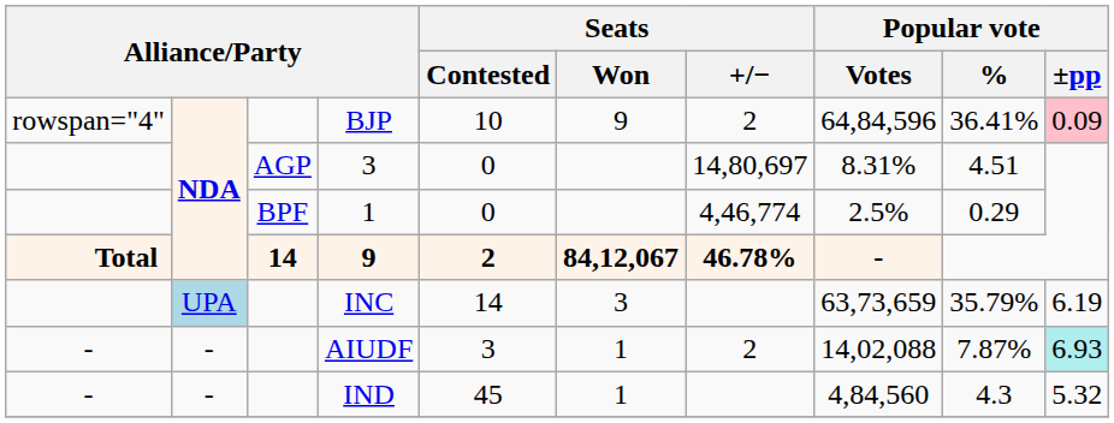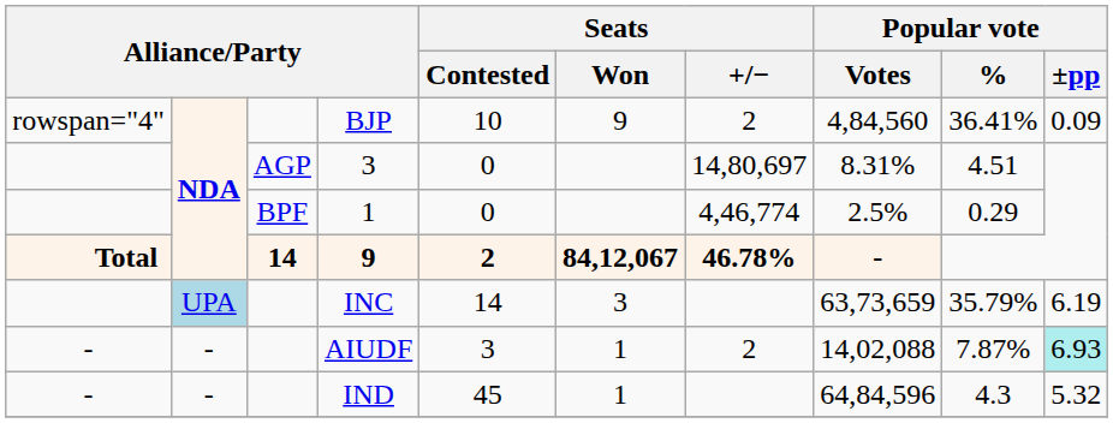 <table class="wikitable sortable" style="text-align:center;">
 <tr>
 <th colspan="4" rowspan="2">Alliance/Party</th>
 <th colspan="3">Seats</th>
 <th colspan="3">Popular vote</th>
 </tr>
 <tr>
 <th>Contested</th>
 <th>Won</th>
 <th><strong>+/−</strong></th>
 <th>Votes</th>
 <th>%</th>
 <th>±<a href='#'>pp</a></th>
 </tr>
 <tr>
 <td>rowspan="4" </td>
 <th rowspan="4"style="background:#fef3e8"><a href='#'>NDA</a></th>
 <td></td>
 <td><a href='#'>BJP</a></td>
 <td>10</td>
 <td>9</td>
 <td>2</td>
-<td>64,84,596</td>
+<td>4,84,560</td>
 <td>36.41%</td>
-<td style="background: pink;">0.09</td>
+<td>0.09</td>
 </tr>
 <tr>
 <td></td>
 <td><a href='#'>AGP</a></td>
 <td>3</td>
 <td>0</td>
 <td></td>
 <td>14,80,697</td>
 <td>8.31%</td>
 <td>4.51</td>
 </tr>
 <tr>
 <td></td>
 <td><a href='#'>BPF</a></td>
 <td>1</td>
 <td>0</td>
 <td></td>
 <td>4,46,774</td>
 <td>2.5%</td>
 <td>0.29</td>
 </tr>
 <tr>
 <th colspan="2"style="background:#fef3e8">Total</th>
 <th style="background:#fef3e8">14</th>
 <th style="background:#fef3e8">9</th>
 <th style="background:#fef3e8">2</th>
 <th style="background:#fef3e8">84,12,067</th>
 <th style="background:#fef3e8">46.78%</th>
 <th style="background:#fef3e8">-</th>
 </tr>
 <tr>
 <td bgcolor=></td>
 <td style="background:#ADD8E6"><a href='#'>UPA</a></td>
 <td></td>
 <td><a href='#'>INC</a></td>
 <td>14</td>
 <td>3</td>
 <td></td>
 <td>63,73,659</td>
 <td>35.79%</td>
 <td>6.19</td>
 </tr>
 <tr>
 <td>-</td>
 <td>-</td>
 <td></td>
 <td><a href='#'>AIUDF</a></td>
 <td>3</td>
 <td>1</td>
 <td>2</td>
 <td>14,02,088</td>
 <td>7.87%</td>
 <td style="background: paleturquoise;">6.93</td>
 </tr>
 <tr>
 <td>-</td>
 <td>-</td>
 <td></td>
 <td><a href='#'>IND</a></td>
 <td>45</td>
 <td>1</td>
 <td></td>
-<td>4,84,560</td>
+<td>64,84,596</td>
 <td>4.3</td>
 <td>5.32</td>
 </tr>
 <tr>
 </tr>
 </table>
